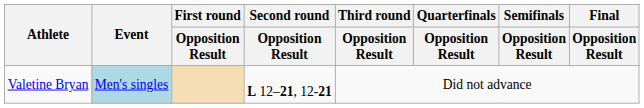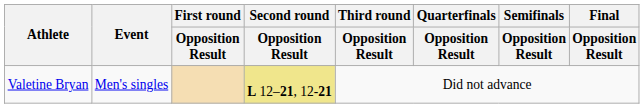 <table class="wikitable" style="font-size:90%">
 <tr>
 <th rowspan="2">Athlete</th>
 <th rowspan="2">Event</th>
 <th>First round</th>
 <th>Second round</th>
 <th>Third round</th>
 <th>Quarterfinals</th>
 <th>Semifinals</th>
 <th>Final</th>
 </tr>
 <tr>
 <th>Opposition<br>Result</th>
 <th>Opposition<br>Result</th>
 <th>Opposition<br>Result</th>
 <th>Opposition<br>Result</th>
 <th>Opposition<br>Result</th>
 <th>Opposition<br>Result</th>
 </tr>
 <tr>
 <td><a href='#'>Valetine Bryan</a></td>
-<td style="background: lightblue;"><a href='#'>Men's singles</a></td>
+<td><a href='#'>Men's singles</a></td>
 <td align=center bgcolor=wheat></td>
-<td align=center><br><strong>L</strong> 12–<strong>21</strong>, 12-<strong>21</strong></td>
+<td align=center style="background: khaki;"><br><strong>L</strong> 12–<strong>21</strong>, 12-<strong>21</strong></td>
 <td align=center colspan="7">Did not advance</td>
 </tr>
 </table>
